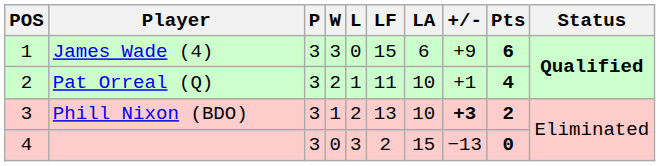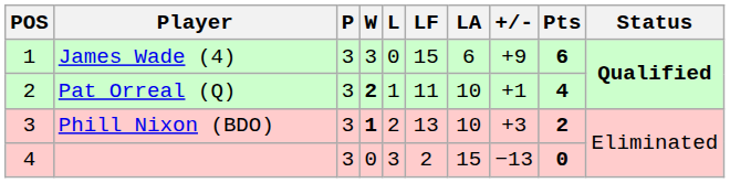 <table class="wikitable" style="text-align:center; margin: 1em auto 1em auto, align:left">
 <tr>
 <th width=20>POS</th>
 <th width=168>Player</th>
 <th width=3>P</th>
 <th width=3>W</th>
 <th width=3>L</th>
 <th width=20>LF</th>
 <th width=20>LA</th>
 <th width=20>+/-</th>
 <th width=20>Pts</th>
 <th width=70>Status</th>
 </tr>
 <tr style="background:#CCFFCC;">
 <td>1</td>
 <td style="text-align:left;"> <a href='#'>James Wade</a> (4)</td>
 <td>3</td>
 <td>3</td>
 <td>0</td>
 <td>15</td>
 <td>6</td>
 <td>+9</td>
 <td><strong>6</strong></td>
 <td rowspan=2><strong>Qualified</strong></td>
 </tr>
 <tr style="background:#CCFFCC;">
 <td>2</td>
 <td style="text-align:left;"> <a href='#'>Pat Orreal</a> (Q)</td>
 <td>3</td>
-<td>2</td>
+<td><strong>2</strong></td>
 <td>1</td>
 <td>11</td>
 <td>10</td>
 <td>+1</td>
 <td><strong>4</strong></td>
 </tr>
 <tr style="background:#FFCCCC;">
 <td>3</td>
 <td style="text-align:left;"> <a href='#'>Phill Nixon</a> (BDO)</td>
 <td>3</td>
-<td>1</td>
+<td><strong>1</strong></td>
 <td>2</td>
 <td>13</td>
 <td>10</td>
-<td><strong>+3</strong></td>
+<td>+3</td>
 <td><strong>2</strong></td>
 <td rowspan=2>Eliminated</td>
 </tr>
 <tr style="background:#FFCCCC;">
 <td>4</td>
 <td style="text-align:left;"></td>
 <td>3</td>
 <td>0</td>
 <td>3</td>
 <td>2</td>
 <td>15</td>
 <td>−13</td>
 <td><strong>0</strong></td>
 </tr>
 </table>
